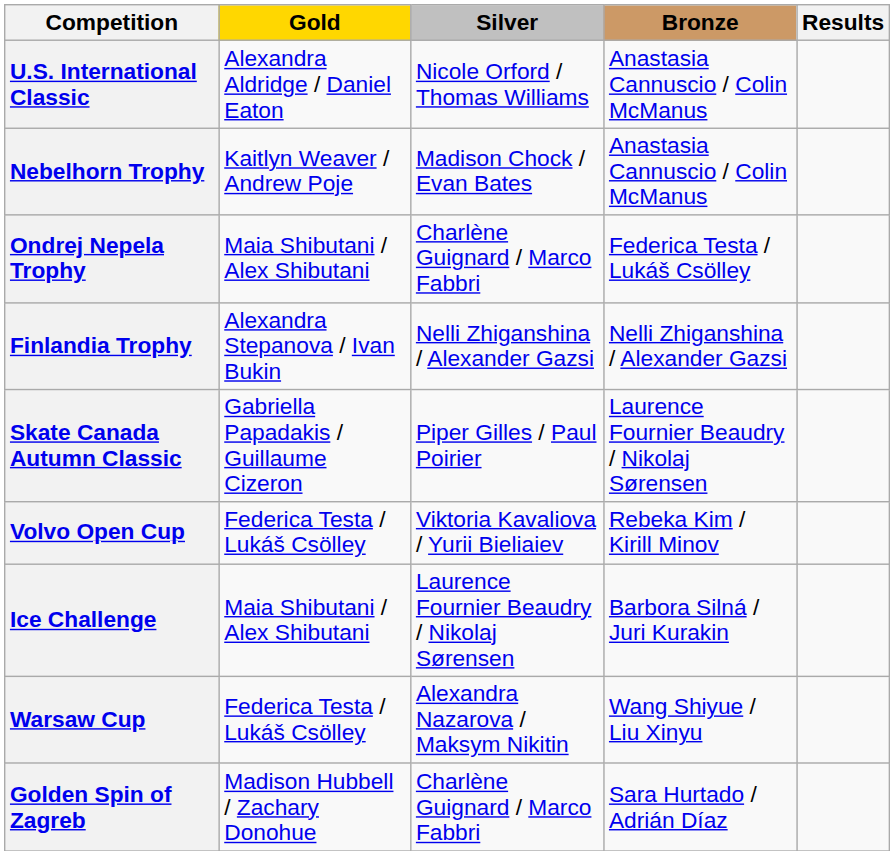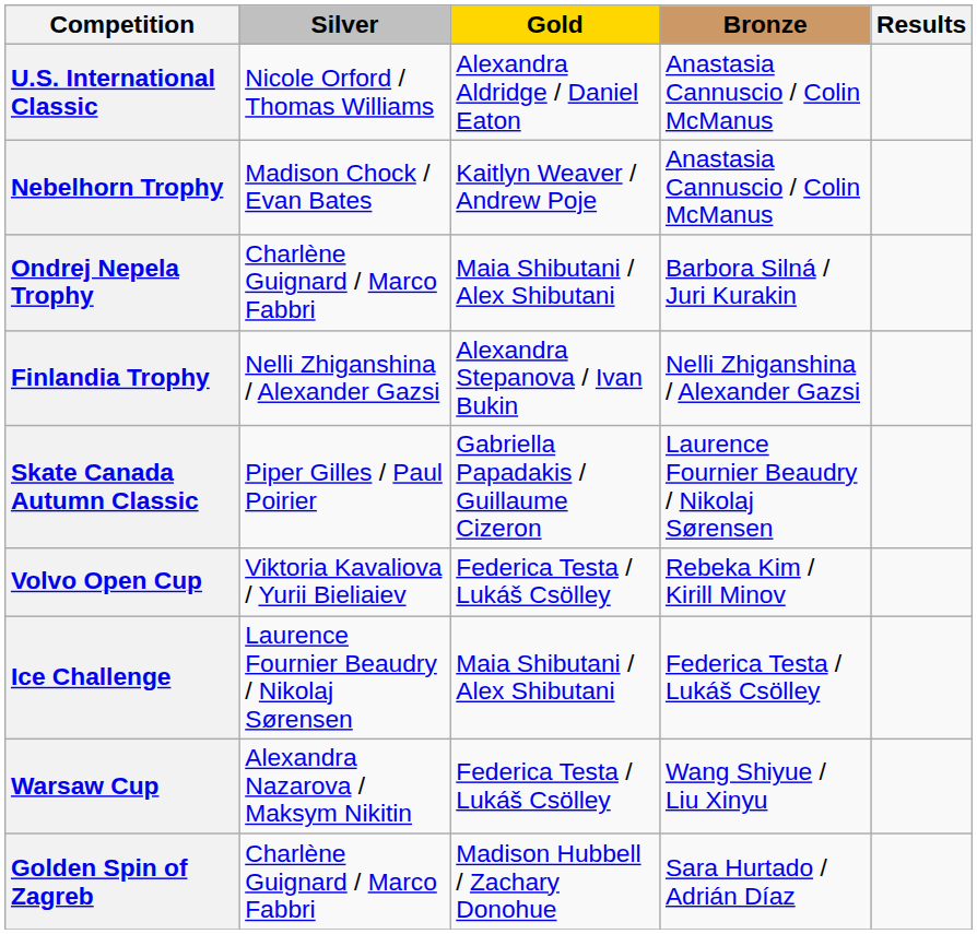 <table class="wikitable unsortable" style="text-align:left; width:100%;">
 <tr>
 <th scope="col" style="text-align:center; width:25%;">Competition</th>
+<td scope="col" style="text-align:center; width:22.5%; background:silver"><strong>Silver</strong></td>
 <td scope="col" style="text-align:center; width:22.5%; background:gold"><strong>Gold</strong></td>
-<td scope="col" style="text-align:center; width:22.5%; background:silver"><strong>Silver</strong></td>
 <td scope="col" style="text-align:center; width:22.5%; background:#c96"><strong>Bronze</strong></td>
 <th scope="col" style="text-align:center; width:7.5%;">Results</th>
 </tr>
 <tr>
 <th scope="row" style="text-align:left"> <a href='#'>U.S. International Classic</a></th>
+<td> <a href='#'>Nicole Orford</a> / <a href='#'>Thomas Williams</a></td>
 <td> <a href='#'>Alexandra Aldridge</a> / <a href='#'>Daniel Eaton</a></td>
-<td> <a href='#'>Nicole Orford</a> / <a href='#'>Thomas Williams</a></td>
 <td> <a href='#'>Anastasia Cannuscio</a> / <a href='#'>Colin McManus</a></td>
 <td></td>
 </tr>
 <tr>
 <th scope="row" style="text-align:left"> <a href='#'>Nebelhorn Trophy</a></th>
+<td> <a href='#'>Madison Chock</a> / <a href='#'>Evan Bates</a></td>
 <td> <a href='#'>Kaitlyn Weaver</a> / <a href='#'>Andrew Poje</a></td>
-<td> <a href='#'>Madison Chock</a> / <a href='#'>Evan Bates</a></td>
 <td> <a href='#'>Anastasia Cannuscio</a> / <a href='#'>Colin McManus</a></td>
 <td></td>
 </tr>
 <tr>
 <th scope="row" style="text-align:left"> <a href='#'>Ondrej Nepela Trophy</a></th>
+<td> <a href='#'>Charlène Guignard</a> / <a href='#'>Marco Fabbri</a></td>
 <td> <a href='#'>Maia Shibutani</a> / <a href='#'>Alex Shibutani</a></td>
-<td> <a href='#'>Charlène Guignard</a> / <a href='#'>Marco Fabbri</a></td>
-<td> <a href='#'>Federica Testa</a> / <a href='#'>Lukáš Csölley</a></td>
+<td> <a href='#'>Barbora Silná</a> / <a href='#'>Juri Kurakin</a></td>
 <td></td>
 </tr>
 <tr>
 <th scope="row" style="text-align:left"> <a href='#'>Finlandia Trophy</a></th>
+<td> <a href='#'>Nelli Zhiganshina</a> / <a href='#'>Alexander Gazsi</a></td>
 <td> <a href='#'>Alexandra Stepanova</a> / <a href='#'>Ivan Bukin</a></td>
-<td> <a href='#'>Nelli Zhiganshina</a> / <a href='#'>Alexander Gazsi</a></td>
 <td> <a href='#'>Nelli Zhiganshina</a> / <a href='#'>Alexander Gazsi</a></td>
 <td></td>
 </tr>
 <tr>
 <th scope="row" style="text-align:left"> <a href='#'>Skate Canada Autumn Classic</a></th>
+<td> <a href='#'>Piper Gilles</a> / <a href='#'>Paul Poirier</a></td>
 <td> <a href='#'>Gabriella Papadakis</a> / <a href='#'>Guillaume Cizeron</a></td>
-<td> <a href='#'>Piper Gilles</a> / <a href='#'>Paul Poirier</a></td>
 <td> <a href='#'>Laurence Fournier Beaudry</a> / <a href='#'>Nikolaj Sørensen</a></td>
 <td></td>
 </tr>
 <tr>
 <th scope="row" style="text-align:left"> <a href='#'>Volvo Open Cup</a></th>
+<td> <a href='#'>Viktoria Kavaliova</a> / <a href='#'>Yurii Bieliaiev</a></td>
 <td> <a href='#'>Federica Testa</a> / <a href='#'>Lukáš Csölley</a></td>
-<td> <a href='#'>Viktoria Kavaliova</a> / <a href='#'>Yurii Bieliaiev</a></td>
 <td> <a href='#'>Rebeka Kim</a> / <a href='#'>Kirill Minov</a></td>
 <td></td>
 </tr>
 <tr>
 <th scope="row" style="text-align:left"> <a href='#'>Ice Challenge</a></th>
+<td> <a href='#'>Laurence Fournier Beaudry</a> / <a href='#'>Nikolaj Sørensen</a></td>
 <td> <a href='#'>Maia Shibutani</a> / <a href='#'>Alex Shibutani</a></td>
-<td> <a href='#'>Laurence Fournier Beaudry</a> / <a href='#'>Nikolaj Sørensen</a></td>
-<td> <a href='#'>Barbora Silná</a> / <a href='#'>Juri Kurakin</a></td>
+<td> <a href='#'>Federica Testa</a> / <a href='#'>Lukáš Csölley</a></td>
 <td></td>
 </tr>
 <tr>
 <th scope="row" style="text-align:left"> <a href='#'>Warsaw Cup</a></th>
+<td> <a href='#'>Alexandra Nazarova</a> / <a href='#'>Maksym Nikitin</a></td>
 <td> <a href='#'>Federica Testa</a> / <a href='#'>Lukáš Csölley</a></td>
-<td> <a href='#'>Alexandra Nazarova</a> / <a href='#'>Maksym Nikitin</a></td>
 <td> <a href='#'>Wang Shiyue</a> / <a href='#'>Liu Xinyu</a></td>
 <td></td>
 </tr>
 <tr>
 <th scope="row" style="text-align:left"> <a href='#'>Golden Spin of Zagreb</a></th>
+<td> <a href='#'>Charlène Guignard</a> / <a href='#'>Marco Fabbri</a></td>
 <td> <a href='#'>Madison Hubbell</a> / <a href='#'>Zachary Donohue</a></td>
-<td> <a href='#'>Charlène Guignard</a> / <a href='#'>Marco Fabbri</a></td>
 <td> <a href='#'>Sara Hurtado</a> / <a href='#'>Adrián Díaz</a></td>
 <td></td>
 </tr>
 </table>
